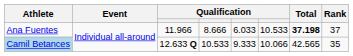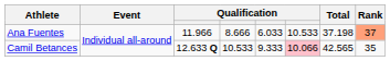 <table class="wikitable" style="font-size:90%">
 <tr>
 <th rowspan=2>Athlete</th>
 <th rowspan=2>Event</th>
 <th colspan=4>Qualification</th>
 <th rowspan=2>Total</th>
 <th rowspan=2>Rank</th>
 </tr>
 <tr style="font-size:95%">
 <th></th>
 <th></th>
 <th></th>
 <th></th>
 </tr>
 <tr align=center>
 <td align=left><a href='#'>Ana Fuentes</a></td>
 <td align=left rowspan=2><a href='#'>Individual all-around</a></td>
 <td>11.966</td>
 <td>8.666</td>
 <td>6.033</td>
 <td>10.533</td>
-<td><strong>37.198</strong></td>
-<td>37</td>
+<td>37.198</td>
+<td style="background: lightsalmon;">37</td>
 </tr>
 <tr align=center>
-<td align=left style="background: lightblue;"><a href='#'>Camil Betances</a></td>
+<td align=left><a href='#'>Camil Betances</a></td>
 <td>12.633 <strong>Q</strong></td>
 <td>10.533</td>
 <td>9.333</td>
-<td>10.066</td>
+<td style="background: pink;">10.066</td>
 <td>42.565</td>
 <td>35</td>
 </tr>
 </table>
